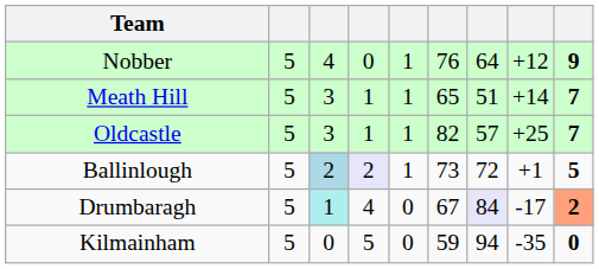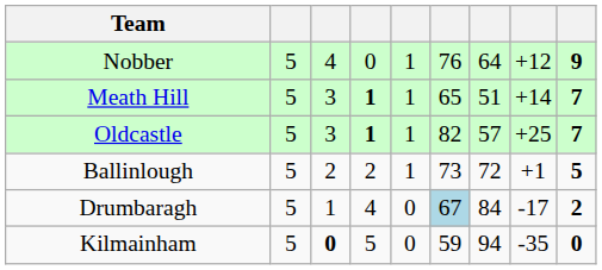 <table class="wikitable" style="text-align:center">
 <tr>
 <th style="width:175px;">Team</th>
 <th width="20"></th>
 <th width="20"></th>
 <th width="20"></th>
 <th width="20"></th>
 <th width="20"></th>
 <th width="20"></th>
 <th width="20"></th>
 <th width="20"></th>
 </tr>
 <tr style="background:#cfc;">
 <td>Nobber</td>
 <td>5</td>
 <td>4</td>
 <td>0</td>
 <td>1</td>
 <td>76</td>
 <td>64</td>
 <td>+12</td>
 <td><strong>9</strong></td>
 </tr>
 <tr style="background:#cfc;">
 <td><a href='#'>Meath Hill</a></td>
 <td>5</td>
 <td>3</td>
-<td>1</td>
+<td><strong>1</strong></td>
 <td>1</td>
 <td>65</td>
 <td>51</td>
 <td>+14</td>
 <td><strong>7</strong></td>
 </tr>
 <tr style="background:#cfc;">
 <td><a href='#'>Oldcastle</a></td>
 <td>5</td>
 <td>3</td>
-<td>1</td>
+<td><strong>1</strong></td>
 <td>1</td>
 <td>82</td>
 <td>57</td>
 <td>+25</td>
 <td><strong>7</strong></td>
 </tr>
 <tr>
 <td>Ballinlough</td>
 <td>5</td>
-<td style="background: lightblue;">2</td>
-<td style="background: lavender;">2</td>
+<td>2</td>
+<td>2</td>
 <td>1</td>
 <td>73</td>
 <td>72</td>
 <td>+1</td>
 <td><strong>5</strong></td>
 </tr>
 <tr>
 <td>Drumbaragh</td>
 <td>5</td>
-<td style="background: paleturquoise;">1</td>
+<td>1</td>
 <td>4</td>
 <td>0</td>
-<td>67</td>
-<td style="background: lavender;">84</td>
+<td style="background: lightblue;">67</td>
+<td>84</td>
 <td>-17</td>
-<td style="background: lightsalmon;"><strong>2</strong></td>
+<td><strong>2</strong></td>
 </tr>
 <tr>
 <td>Kilmainham</td>
 <td>5</td>
-<td>0</td>
+<td><strong>0</strong></td>
 <td>5</td>
 <td>0</td>
 <td>59</td>
 <td>94</td>
 <td>-35</td>
 <td><strong>0</strong></td>
 </tr>
 </table>
